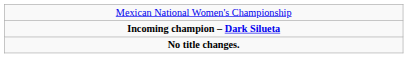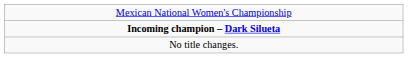 <table class="wikitable" style="text-align:center; width:100%;">
 <tr>
 <td style="text-align: center;"><a href='#'>Mexican National Women's Championship</a></td>
 </tr>
 <tr>
 <td style="text-align: center;"><strong>Incoming champion – <a href='#'>Dark Silueta</a></strong></td>
 </tr>
 <tr>
-<td><strong>No title changes.</strong></td>
+<td>No title changes.</td>
 </tr>
 </table>
